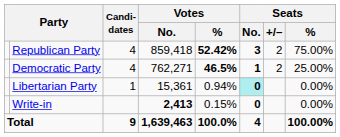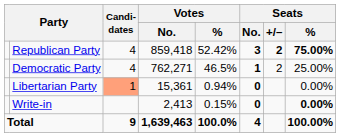 <table class="wikitable" style="font-size:100%; text-align:right;">
 <tr>
 <th colspan=2 rowspan=2>Party</th>
 <th rowspan=2><small>Candi-<br>dates</small></th>
 <th colspan=2>Votes</th>
 <th colspan=3>Seats</th>
 </tr>
 <tr>
 <th>No.</th>
 <th>%</th>
 <th>No.</th>
 <th>+/–</th>
 <th>%</th>
 </tr>
 <tr>
 <td style="background:"></td>
 <td align=left><a href='#'>Republican Party</a></td>
 <td>4</td>
 <td>859,418</td>
-<td><strong>52.42%</strong></td>
+<td>52.42%</td>
 <td><strong>3</strong></td>
-<td> 2</td>
-<td>75.00%</td>
+<td><strong> 2</strong></td>
+<td><strong>75.00%</strong></td>
 </tr>
 <tr>
 <td style="background:"></td>
 <td align=left><a href='#'>Democratic Party</a></td>
 <td>4</td>
 <td>762,271</td>
-<td><strong>46.5%</strong></td>
+<td>46.5%</td>
 <td><strong>1</strong></td>
 <td> 2</td>
 <td>25.00%</td>
 </tr>
 <tr>
 <td style="background:"></td>
 <td align=left><a href='#'>Libertarian Party</a></td>
-<td>1</td>
+<td style="background: lightsalmon;">1</td>
 <td>15,361</td>
 <td>0.94%</td>
-<td style="background: paleturquoise;"><strong>0</strong></td>
+<td><strong>0</strong></td>
 <td></td>
 <td>0.00%</td>
 </tr>
 <tr>
 <td style="background:"></td>
 <td align=left><a href='#'>Write-in</a></td>
 <td></td>
-<td><strong>2,413</strong></td>
+<td>2,413</td>
 <td>0.15%</td>
 <td><strong>0</strong></td>
 <td></td>
-<td>0.00%</td>
+<td><strong>0.00%</strong></td>
 </tr>
 <tr style="font-weight:bold">
 <td colspan=2 align=left>Total</td>
 <td>9</td>
 <td>1,639,463</td>
 <td>100.0%</td>
 <td>4</td>
 <td></td>
 <td>100.00%</td>
 </tr>
 </table>
